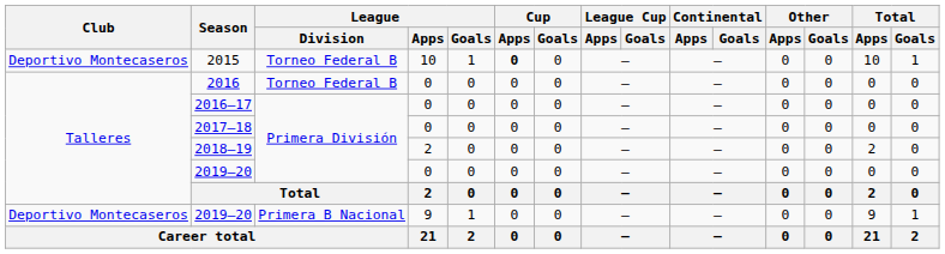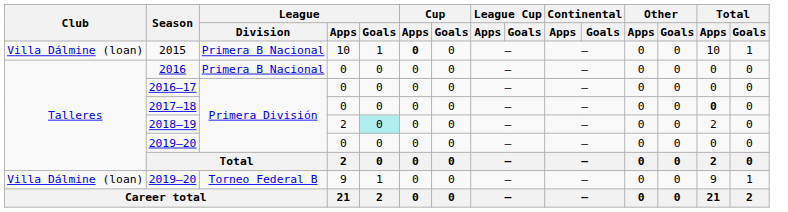 <table class="wikitable" style="text-align:center">
 <tr>
 <th rowspan="2">Club</th>
 <th rowspan="2">Season</th>
 <th colspan="3">League</th>
 <th colspan="2">Cup</th>
 <th colspan="2">League Cup</th>
 <th colspan="2">Continental</th>
 <th colspan="2">Other</th>
 <th colspan="2">Total</th>
 </tr>
 <tr>
 <th>Division</th>
 <th>Apps</th>
 <th>Goals</th>
 <th>Apps</th>
 <th>Goals</th>
 <th>Apps</th>
 <th>Goals</th>
 <th>Apps</th>
 <th>Goals</th>
 <th>Apps</th>
 <th>Goals</th>
 <th>Apps</th>
 <th>Goals</th>
 </tr>
 <tr>
-<td rowspan="1"><a href='#'>Deportivo Montecaseros</a></td>
+<td rowspan="1"><a href='#'>Villa Dálmine</a> (loan)</td>
 <td>2015</td>
-<td rowspan="1"><a href='#'>Torneo Federal B</a></td>
+<td rowspan="1"><a href='#'>Primera B Nacional</a></td>
 <td>10</td>
 <td>1</td>
 <td><strong>0</strong></td>
 <td>0</td>
 <td colspan="2">—</td>
 <td colspan="2">—</td>
 <td>0</td>
 <td>0</td>
 <td>10</td>
 <td>1</td>
 </tr>
 <tr>
 <td rowspan="6"><a href='#'>Talleres</a></td>
 <td><a href='#'>2016</a></td>
-<td rowspan="1"><a href='#'>Torneo Federal B</a></td>
+<td rowspan="1"><a href='#'>Primera B Nacional</a></td>
 <td>0</td>
 <td>0</td>
 <td>0</td>
 <td>0</td>
 <td colspan="2">—</td>
 <td colspan="2">—</td>
 <td>0</td>
 <td>0</td>
 <td>0</td>
 <td>0</td>
 </tr>
 <tr>
 <td><a href='#'>2016–17</a></td>
 <td rowspan="4"><a href='#'>Primera División</a></td>
 <td>0</td>
 <td>0</td>
 <td>0</td>
 <td>0</td>
 <td colspan="2">—</td>
 <td colspan="2">—</td>
 <td>0</td>
 <td>0</td>
 <td>0</td>
 <td>0</td>
 </tr>
 <tr>
 <td><a href='#'>2017–18</a></td>
 <td>0</td>
 <td>0</td>
 <td>0</td>
 <td>0</td>
 <td colspan="2">—</td>
 <td colspan="2">—</td>
 <td>0</td>
 <td>0</td>
-<td>0</td>
+<td><strong>0</strong></td>
 <td>0</td>
 </tr>
 <tr>
 <td><a href='#'>2018–19</a></td>
 <td>2</td>
-<td>0</td>
+<td style="background: paleturquoise;">0</td>
 <td>0</td>
 <td>0</td>
 <td colspan="2">—</td>
 <td colspan="2">—</td>
 <td>0</td>
 <td>0</td>
 <td>2</td>
 <td>0</td>
 </tr>
 <tr>
 <td><a href='#'>2019–20</a></td>
 <td>0</td>
 <td>0</td>
 <td>0</td>
 <td>0</td>
 <td colspan="2">—</td>
 <td colspan="2">—</td>
 <td>0</td>
 <td>0</td>
 <td>0</td>
 <td>0</td>
 </tr>
 <tr>
 <th colspan="2">Total</th>
 <th>2</th>
 <th>0</th>
 <th>0</th>
 <th>0</th>
 <th colspan="2">—</th>
 <th colspan="2">—</th>
 <th>0</th>
 <th>0</th>
 <th>2</th>
 <th>0</th>
 </tr>
 <tr>
-<td rowspan="1"><a href='#'>Deportivo Montecaseros</a></td>
+<td rowspan="1"><a href='#'>Villa Dálmine</a> (loan)</td>
 <td><a href='#'>2019–20</a></td>
-<td rowspan="1"><a href='#'>Primera B Nacional</a></td>
+<td rowspan="1"><a href='#'>Torneo Federal B</a></td>
 <td>9</td>
 <td>1</td>
 <td>0</td>
 <td>0</td>
 <td colspan="2">—</td>
 <td colspan="2">—</td>
 <td>0</td>
 <td>0</td>
 <td>9</td>
 <td>1</td>
 </tr>
 <tr>
 <th colspan="3">Career total</th>
 <th>21</th>
 <th>2</th>
 <th>0</th>
 <th>0</th>
 <th colspan="2">—</th>
 <th colspan="2">—</th>
 <th>0</th>
 <th>0</th>
 <th>21</th>
 <th>2</th>
 </tr>
 </table>
